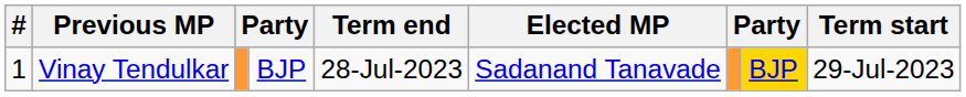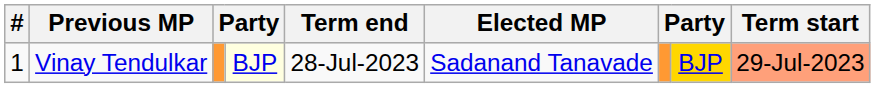 <table class="wikitable" style="text-align:center;">
 <tr>
 <th>#</th>
 <th>Previous MP</th>
 <th colspan="2">Party</th>
 <th>Term end</th>
 <th>Elected MP</th>
 <th colspan="2">Party</th>
 <th>Term start</th>
 </tr>
 <tr>
 <td>1</td>
 <td><a href='#'>Vinay Tendulkar</a></td>
 <td bgcolor=#FF9933></td>
-<td><a href='#'>BJP</a></td>
+<td style="background: lightyellow;"><a href='#'>BJP</a></td>
 <td>28-Jul-2023</td>
 <td><a href='#'>Sadanand Tanavade</a></td>
 <td bgcolor=#FF9933></td>
 <td style="background: gold;"><a href='#'>BJP</a></td>
-<td>29-Jul-2023</td>
+<td style="background: lightsalmon;">29-Jul-2023</td>
 </tr>
 </table>
